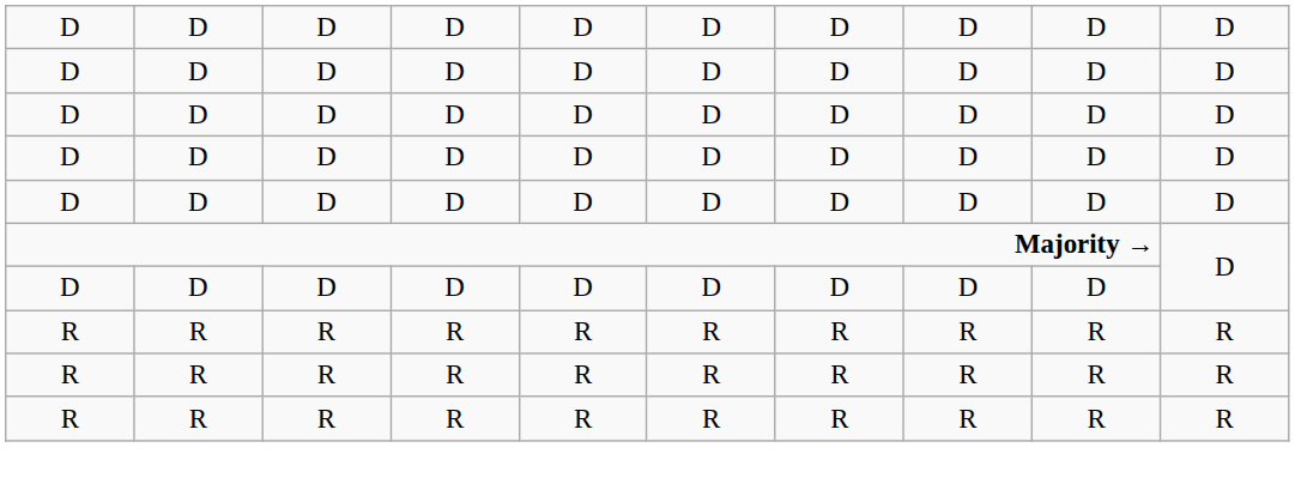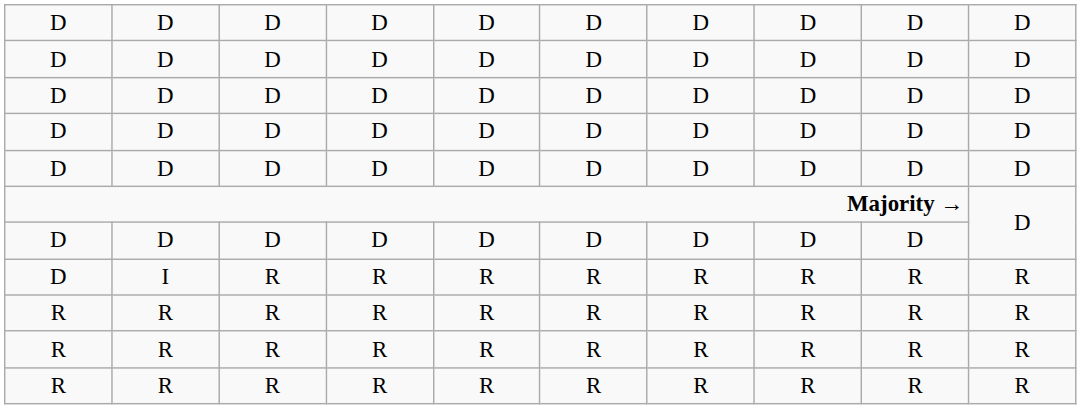 <table class="wikitable" style="text-align:center" width=750px>
 <tr>
 <td>D</td>
 <td>D</td>
 <td>D</td>
 <td>D</td>
 <td>D</td>
 <td>D</td>
 <td>D</td>
 <td>D</td>
 <td>D</td>
 <td>D</td>
 </tr>
 <tr>
 <td width=10%  >D</td>
 <td width=10%  >D</td>
 <td width=10%  >D</td>
 <td width=10%  >D</td>
 <td width=10%  >D</td>
 <td width=10%  >D</td>
 <td width=10%  >D</td>
 <td width=10%  >D</td>
 <td width=10%  >D</td>
 <td width=10%  >D</td>
 </tr>
 <tr>
 <td>D</td>
 <td>D</td>
 <td>D</td>
 <td>D</td>
 <td>D</td>
 <td>D</td>
 <td>D</td>
 <td>D</td>
 <td>D</td>
 <td>D</td>
 </tr>
 <tr>
 <td>D</td>
 <td>D</td>
 <td>D</td>
 <td>D</td>
 <td>D</td>
 <td>D</td>
 <td>D</td>
 <td>D</td>
 <td>D</td>
 <td>D</td>
 </tr>
 <tr>
 <td>D<br></td>
 <td>D<br></td>
 <td>D<br></td>
 <td>D<br></td>
 <td>D<br></td>
 <td>D<br></td>
 <td>D<br></td>
 <td>D<br></td>
 <td>D<br></td>
 <td>D<br></td>
 </tr>
 <tr>
 <td colspan=9 align=right><strong>Majority →</strong></td>
 <td rowspan=2 >D<br></td>
 </tr>
 <tr>
 <td>D<br></td>
 <td>D<br></td>
 <td>D<br></td>
 <td>D<br></td>
 <td>D<br></td>
 <td>D<br></td>
 <td>D<br></td>
 <td>D<br></td>
 <td>D<br></td>
 </tr>
 <tr>
+<td>D<br></td>
+<td>I<br></td>
+<td>R<br></td>
+<td>R<br></td>
+<td>R<br></td>
+<td>R<br></td>
+<td>R<br></td>
+<td>R<br></td>
+<td>R<br></td>
+<td>R<br></td>
+</tr>
+<tr>
 <td>R</td>
 <td>R</td>
 <td>R</td>
 <td>R</td>
 <td>R</td>
 <td>R</td>
 <td>R</td>
 <td>R<br></td>
 <td>R<br></td>
 <td>R<br></td>
 </tr>
 <tr>
 <td>R</td>
 <td>R</td>
 <td>R</td>
 <td>R</td>
 <td>R</td>
 <td>R</td>
 <td>R</td>
 <td>R</td>
 <td>R</td>
 <td>R</td>
 </tr>
 <tr>
 <td>R</td>
 <td>R</td>
 <td>R</td>
 <td>R</td>
 <td>R</td>
 <td>R</td>
 <td>R</td>
 <td>R</td>
 <td>R</td>
 <td>R</td>
 </tr>
 </table>
